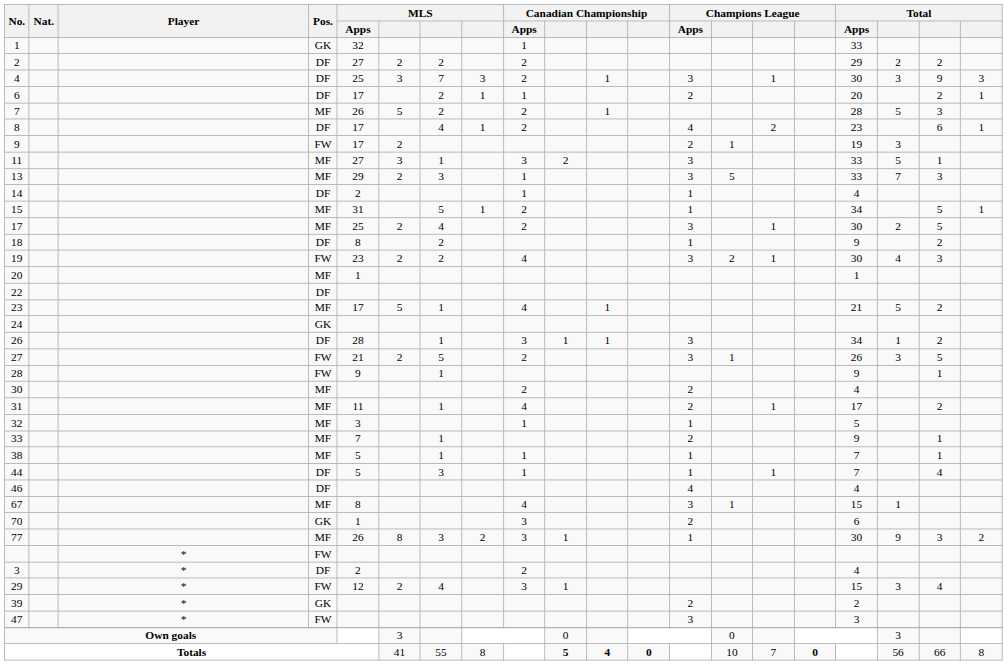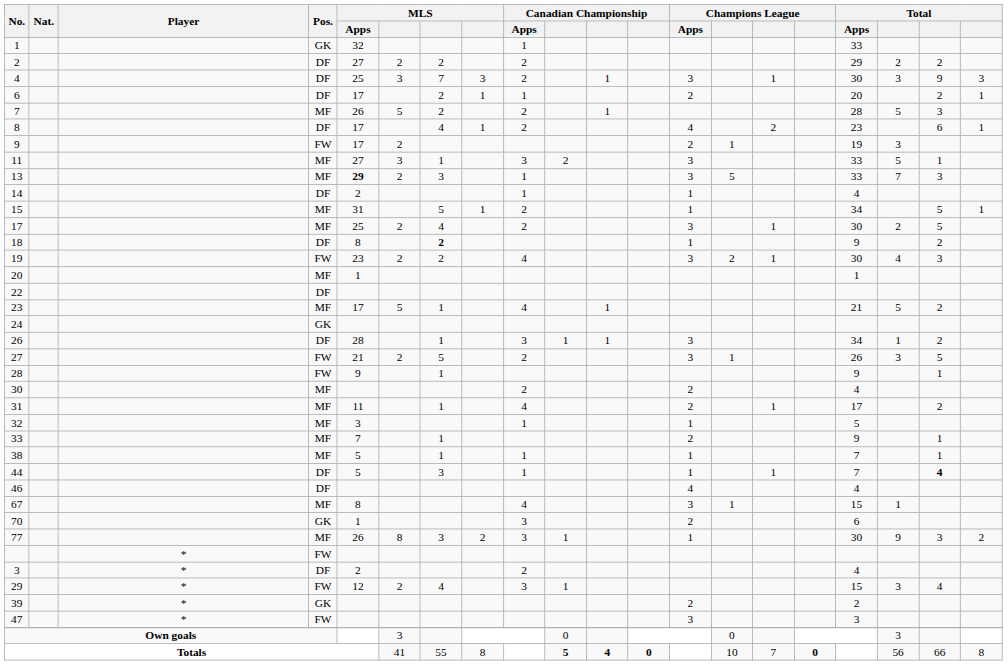 <table class="wikitable sortable alternance"  style="font-size:90%; text-align:center; line-height:14px; width:100%;">
 <tr>
 <th rowspan="2" style="width:10px;"><strong>No.</strong></th>
 <th rowspan="2" style="width:10px;"><strong>Nat.</strong></th>
 <th rowspan="2" scope="col" style="width:275px;"><strong>Player</strong></th>
 <th rowspan="2" style="width:10px;"><strong>Pos.</strong></th>
 <th colspan="4"><strong>MLS</strong></th>
 <th colspan="4"><strong>Canadian Championship</strong></th>
 <th colspan="4"><strong>Champions League</strong></th>
 <th colspan="4"><strong>Total</strong></th>
 </tr>
 <tr style="text-align:center;">
 <th width=40><strong>Apps</strong></th>
 <th width=40></th>
 <th width=40></th>
 <th width=40></th>
 <th width=40><strong>Apps</strong></th>
 <th width=40></th>
 <th width=40></th>
 <th width=40></th>
 <th width=40><strong>Apps</strong></th>
 <th width=40></th>
 <th width=40></th>
 <th width=40></th>
 <th width=40><strong>Apps</strong></th>
 <th width=40></th>
 <th width=40></th>
 <th width=40></th>
 </tr>
 <tr>
 <td>1</td>
 <td></td>
 <td></td>
 <td>GK</td>
 <td>32</td>
 <td></td>
 <td></td>
 <td></td>
 <td>1</td>
 <td></td>
 <td></td>
 <td></td>
 <td></td>
 <td></td>
 <td></td>
 <td></td>
 <td>33</td>
 <td></td>
 <td></td>
 <td></td>
 </tr>
 <tr>
 <td>2</td>
 <td></td>
 <td></td>
 <td>DF</td>
 <td>27</td>
 <td>2</td>
 <td>2</td>
 <td></td>
 <td>2</td>
 <td></td>
 <td></td>
 <td></td>
 <td></td>
 <td></td>
 <td></td>
 <td></td>
 <td>29</td>
 <td>2</td>
 <td>2</td>
 <td></td>
 </tr>
 <tr>
 <td>4</td>
 <td></td>
 <td></td>
 <td>DF</td>
 <td>25</td>
 <td>3</td>
 <td>7</td>
 <td>3</td>
 <td>2</td>
 <td></td>
 <td>1</td>
 <td></td>
 <td>3</td>
 <td></td>
 <td>1</td>
 <td></td>
 <td>30</td>
 <td>3</td>
 <td>9</td>
 <td>3</td>
 </tr>
 <tr>
 <td>6</td>
 <td></td>
 <td></td>
 <td>DF</td>
 <td>17</td>
 <td></td>
 <td>2</td>
 <td>1</td>
 <td>1</td>
 <td></td>
 <td></td>
 <td></td>
 <td>2</td>
 <td></td>
 <td></td>
 <td></td>
 <td>20</td>
 <td></td>
 <td>2</td>
 <td>1</td>
 </tr>
 <tr>
 <td>7</td>
 <td></td>
 <td></td>
 <td>MF</td>
 <td>26</td>
 <td>5</td>
 <td>2</td>
 <td></td>
 <td>2</td>
 <td></td>
 <td>1</td>
 <td></td>
 <td></td>
 <td></td>
 <td></td>
 <td></td>
 <td>28</td>
 <td>5</td>
 <td>3</td>
 <td></td>
 </tr>
 <tr>
 <td>8</td>
 <td></td>
 <td></td>
 <td>DF</td>
 <td>17</td>
 <td></td>
 <td>4</td>
 <td>1</td>
 <td>2</td>
 <td></td>
 <td></td>
 <td></td>
 <td>4</td>
 <td></td>
 <td>2</td>
 <td></td>
 <td>23</td>
 <td></td>
 <td>6</td>
 <td>1</td>
 </tr>
 <tr>
 <td>9</td>
 <td></td>
 <td></td>
 <td>FW</td>
 <td>17</td>
 <td>2</td>
 <td></td>
 <td></td>
 <td></td>
 <td></td>
 <td></td>
 <td></td>
 <td>2</td>
 <td>1</td>
 <td></td>
 <td></td>
 <td>19</td>
 <td>3</td>
 <td></td>
 <td></td>
 </tr>
 <tr>
 <td>11</td>
 <td></td>
 <td></td>
 <td>MF</td>
 <td>27</td>
 <td>3</td>
 <td>1</td>
 <td></td>
 <td>3</td>
 <td>2</td>
 <td></td>
 <td></td>
 <td>3</td>
 <td></td>
 <td></td>
 <td></td>
 <td>33</td>
 <td>5</td>
 <td>1</td>
 <td></td>
 </tr>
 <tr>
 <td>13</td>
 <td></td>
 <td></td>
 <td>MF</td>
-<td>29</td>
+<td><strong>29</strong></td>
 <td>2</td>
 <td>3</td>
 <td></td>
 <td>1</td>
 <td></td>
 <td></td>
 <td></td>
 <td>3</td>
 <td>5</td>
 <td></td>
 <td></td>
 <td>33</td>
 <td>7</td>
 <td>3</td>
 <td></td>
 </tr>
 <tr>
 <td>14</td>
 <td></td>
 <td></td>
 <td>DF</td>
 <td>2</td>
 <td></td>
 <td></td>
 <td></td>
 <td>1</td>
 <td></td>
 <td></td>
 <td></td>
 <td>1</td>
 <td></td>
 <td></td>
 <td></td>
 <td>4</td>
 <td></td>
 <td></td>
 <td></td>
 </tr>
 <tr>
 <td>15</td>
 <td></td>
 <td></td>
 <td>MF</td>
 <td>31</td>
 <td></td>
 <td>5</td>
 <td>1</td>
 <td>2</td>
 <td></td>
 <td></td>
 <td></td>
 <td>1</td>
 <td></td>
 <td></td>
 <td></td>
 <td>34</td>
 <td></td>
 <td>5</td>
 <td>1</td>
 </tr>
 <tr>
 <td>17</td>
 <td></td>
 <td></td>
 <td>MF</td>
 <td>25</td>
 <td>2</td>
 <td>4</td>
 <td></td>
 <td>2</td>
 <td></td>
 <td></td>
 <td></td>
 <td>3</td>
 <td></td>
 <td>1</td>
 <td></td>
 <td>30</td>
 <td>2</td>
 <td>5</td>
 <td></td>
 </tr>
 <tr>
 <td>18</td>
 <td></td>
 <td></td>
 <td>DF</td>
 <td>8</td>
 <td></td>
-<td>2</td>
+<td><strong>2</strong></td>
 <td></td>
 <td></td>
 <td></td>
 <td></td>
 <td></td>
 <td>1</td>
 <td></td>
 <td></td>
 <td></td>
 <td>9</td>
 <td></td>
 <td>2</td>
 <td></td>
 </tr>
 <tr>
 <td>19</td>
 <td></td>
 <td></td>
 <td>FW</td>
 <td>23</td>
 <td>2</td>
 <td>2</td>
 <td></td>
 <td>4</td>
 <td></td>
 <td></td>
 <td></td>
 <td>3</td>
 <td>2</td>
 <td>1</td>
 <td></td>
 <td>30</td>
 <td>4</td>
 <td>3</td>
 <td></td>
 </tr>
 <tr>
 <td>20</td>
 <td></td>
 <td></td>
 <td>MF</td>
 <td>1</td>
 <td></td>
 <td></td>
 <td></td>
 <td></td>
 <td></td>
 <td></td>
 <td></td>
 <td></td>
 <td></td>
 <td></td>
 <td></td>
 <td>1</td>
 <td></td>
 <td></td>
 <td></td>
 </tr>
 <tr>
 <td>22</td>
 <td></td>
 <td></td>
 <td>DF</td>
 <td></td>
 <td></td>
 <td></td>
 <td></td>
 <td></td>
 <td></td>
 <td></td>
 <td></td>
 <td></td>
 <td></td>
 <td></td>
 <td></td>
 <td></td>
 <td></td>
 <td></td>
 <td></td>
 </tr>
 <tr>
 <td>23</td>
 <td></td>
 <td></td>
 <td>MF</td>
 <td>17</td>
 <td>5</td>
 <td>1</td>
 <td></td>
 <td>4</td>
 <td></td>
 <td>1</td>
 <td></td>
 <td></td>
 <td></td>
 <td></td>
 <td></td>
 <td>21</td>
 <td>5</td>
 <td>2</td>
 <td></td>
 </tr>
 <tr>
 <td>24</td>
 <td></td>
 <td></td>
 <td>GK</td>
 <td></td>
 <td></td>
 <td></td>
 <td></td>
 <td></td>
 <td></td>
 <td></td>
 <td></td>
 <td></td>
 <td></td>
 <td></td>
 <td></td>
 <td></td>
 <td></td>
 <td></td>
 <td></td>
 </tr>
 <tr>
 <td>26</td>
 <td></td>
 <td></td>
 <td>DF</td>
 <td>28</td>
 <td></td>
 <td>1</td>
 <td></td>
 <td>3</td>
 <td>1</td>
 <td>1</td>
 <td></td>
 <td>3</td>
 <td></td>
 <td></td>
 <td></td>
 <td>34</td>
 <td>1</td>
 <td>2</td>
 <td></td>
 </tr>
 <tr>
 <td>27</td>
 <td></td>
 <td></td>
 <td>FW</td>
 <td>21</td>
 <td>2</td>
 <td>5</td>
 <td></td>
 <td>2</td>
 <td></td>
 <td></td>
 <td></td>
 <td>3</td>
 <td>1</td>
 <td></td>
 <td></td>
 <td>26</td>
 <td>3</td>
 <td>5</td>
 <td></td>
 </tr>
 <tr>
 <td>28</td>
 <td></td>
 <td></td>
 <td>FW</td>
 <td>9</td>
 <td></td>
 <td>1</td>
 <td></td>
 <td></td>
 <td></td>
 <td></td>
 <td></td>
 <td></td>
 <td></td>
 <td></td>
 <td></td>
 <td>9</td>
 <td></td>
 <td>1</td>
 <td></td>
 </tr>
 <tr>
 <td>30</td>
 <td></td>
 <td></td>
 <td>MF</td>
 <td></td>
 <td></td>
 <td></td>
 <td></td>
 <td>2</td>
 <td></td>
 <td></td>
 <td></td>
 <td>2</td>
 <td></td>
 <td></td>
 <td></td>
 <td>4</td>
 <td></td>
 <td></td>
 <td></td>
 </tr>
 <tr>
 <td>31</td>
 <td></td>
 <td></td>
 <td>MF</td>
 <td>11</td>
 <td></td>
 <td>1</td>
 <td></td>
 <td>4</td>
 <td></td>
 <td></td>
 <td></td>
 <td>2</td>
 <td></td>
 <td>1</td>
 <td></td>
 <td>17</td>
 <td></td>
 <td>2</td>
 <td></td>
 </tr>
 <tr>
 <td>32</td>
 <td></td>
 <td></td>
 <td>MF</td>
 <td>3</td>
 <td></td>
 <td></td>
 <td></td>
 <td>1</td>
 <td></td>
 <td></td>
 <td></td>
 <td>1</td>
 <td></td>
 <td></td>
 <td></td>
 <td>5</td>
 <td></td>
 <td></td>
 <td></td>
 </tr>
 <tr>
 <td>33</td>
 <td></td>
 <td></td>
 <td>MF</td>
 <td>7</td>
 <td></td>
 <td>1</td>
 <td></td>
 <td></td>
 <td></td>
 <td></td>
 <td></td>
 <td>2</td>
 <td></td>
 <td></td>
 <td></td>
 <td>9</td>
 <td></td>
 <td>1</td>
 <td></td>
 </tr>
 <tr>
 <td>38</td>
 <td></td>
 <td></td>
 <td>MF</td>
 <td>5</td>
 <td></td>
 <td>1</td>
 <td></td>
 <td>1</td>
 <td></td>
 <td></td>
 <td></td>
 <td>1</td>
 <td></td>
 <td></td>
 <td></td>
 <td>7</td>
 <td></td>
 <td>1</td>
 <td></td>
 </tr>
 <tr>
 <td>44</td>
 <td></td>
 <td></td>
 <td>DF</td>
 <td>5</td>
 <td></td>
 <td>3</td>
 <td></td>
 <td>1</td>
 <td></td>
 <td></td>
 <td></td>
 <td>1</td>
 <td></td>
 <td>1</td>
 <td></td>
 <td>7</td>
 <td></td>
-<td>4</td>
+<td><strong>4</strong></td>
 <td></td>
 </tr>
 <tr>
 <td>46</td>
 <td></td>
 <td></td>
 <td>DF</td>
 <td></td>
 <td></td>
 <td></td>
 <td></td>
 <td></td>
 <td></td>
 <td></td>
 <td></td>
 <td>4</td>
 <td></td>
 <td></td>
 <td></td>
 <td>4</td>
 <td></td>
 <td></td>
 <td></td>
 </tr>
 <tr>
 <td>67</td>
 <td></td>
 <td></td>
 <td>MF</td>
 <td>8</td>
 <td></td>
 <td></td>
 <td></td>
 <td>4</td>
 <td></td>
 <td></td>
 <td></td>
 <td>3</td>
 <td>1</td>
 <td></td>
 <td></td>
 <td>15</td>
 <td>1</td>
 <td></td>
 <td></td>
 </tr>
 <tr>
 <td>70</td>
 <td></td>
 <td></td>
 <td>GK</td>
 <td>1</td>
 <td></td>
 <td></td>
 <td></td>
 <td>3</td>
 <td></td>
 <td></td>
 <td></td>
 <td>2</td>
 <td></td>
 <td></td>
 <td></td>
 <td>6</td>
 <td></td>
 <td></td>
 <td></td>
 </tr>
 <tr>
 <td>77</td>
 <td></td>
 <td></td>
 <td>MF</td>
 <td>26</td>
 <td>8</td>
 <td>3</td>
 <td>2</td>
 <td>3</td>
 <td>1</td>
 <td></td>
 <td></td>
 <td>1</td>
 <td></td>
 <td></td>
 <td></td>
 <td>30</td>
 <td>9</td>
 <td>3</td>
 <td>2</td>
 </tr>
 <tr>
 <td></td>
 <td></td>
 <td>*</td>
 <td>FW</td>
 <td></td>
 <td></td>
 <td></td>
 <td></td>
 <td></td>
 <td></td>
 <td></td>
 <td></td>
 <td></td>
 <td></td>
 <td></td>
 <td></td>
 <td></td>
 <td></td>
 <td></td>
 <td></td>
 </tr>
 <tr>
 <td>3</td>
 <td></td>
 <td>*</td>
 <td>DF</td>
 <td>2</td>
 <td></td>
 <td></td>
 <td></td>
 <td>2</td>
 <td></td>
 <td></td>
 <td></td>
 <td></td>
 <td></td>
 <td></td>
 <td></td>
 <td>4</td>
 <td></td>
 <td></td>
 <td></td>
 </tr>
 <tr>
 <td>29</td>
 <td></td>
 <td>*</td>
 <td>FW</td>
 <td>12</td>
 <td>2</td>
 <td>4</td>
 <td></td>
 <td>3</td>
 <td>1</td>
 <td></td>
 <td></td>
 <td></td>
 <td></td>
 <td></td>
 <td></td>
 <td>15</td>
 <td>3</td>
 <td>4</td>
 <td></td>
 </tr>
 <tr>
 <td>39</td>
 <td></td>
 <td>*</td>
 <td>GK</td>
 <td></td>
 <td></td>
 <td></td>
 <td></td>
 <td></td>
 <td></td>
 <td></td>
 <td></td>
 <td>2</td>
 <td></td>
 <td></td>
 <td></td>
 <td>2</td>
 <td></td>
 <td></td>
 <td></td>
 </tr>
 <tr>
 <td>47</td>
 <td></td>
 <td>*</td>
 <td>FW</td>
 <td></td>
 <td></td>
 <td></td>
 <td></td>
 <td></td>
 <td></td>
 <td></td>
 <td></td>
 <td>3</td>
 <td></td>
 <td></td>
 <td></td>
 <td>3</td>
 <td></td>
 <td></td>
 <td></td>
 </tr>
 <tr>
 </tr>
 <tr>
 </tr>
 <tr class="sortbottom">
 <td colspan="4"><strong>Own goals</strong></td>
 <td ! style="background:white; text-align: center;"></td>
 <td>3</td>
 <td></td>
 <td ! colspan="2" style="background:white; text-align: center;"></td>
 <td>0</td>
 <td></td>
 <td ! colspan="2" style="background:white; text-align: center;"></td>
 <td>0</td>
 <td></td>
 <td ! colspan="2" style="background:white; text-align: center;"></td>
 <td>3</td>
 <td></td>
 <td ! colspan="2" style="background:white; text-align: center;"></td>
 </tr>
 <tr class="sortbottom">
 <td colspan="5"  style="background:white; text-align: center;"><strong>Totals</strong></td>
 <td>41</td>
 <td>55</td>
 <td>8</td>
 <td ! rowspan="2" style="background:white; text-align: center;"></td>
 <td><strong>5</strong></td>
 <td><strong>4</strong></td>
 <td><strong>0</strong></td>
 <td ! rowspan="2" style="background:white; text-align: center;"></td>
 <td>10</td>
 <td>7</td>
 <td><strong>0</strong></td>
 <td ! rowspan="2" style="background:white; text-align: center;"></td>
 <td>56</td>
 <td>66</td>
 <td>8</td>
 </tr>
 </table>
